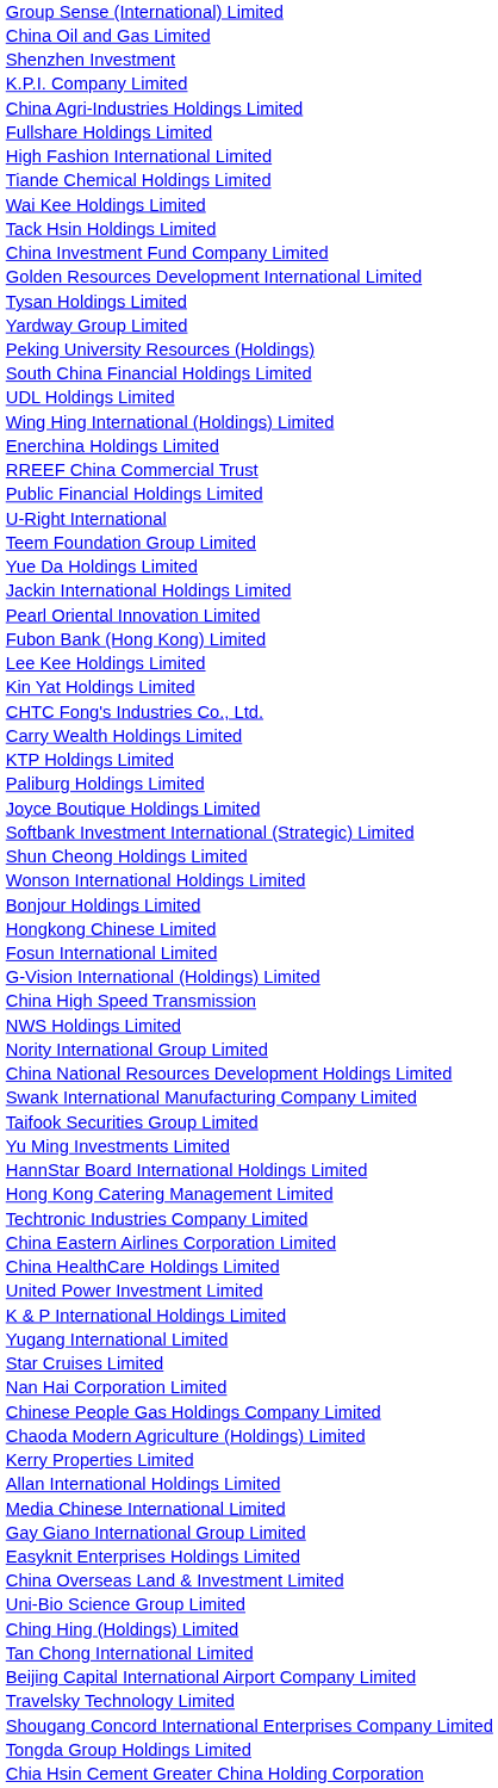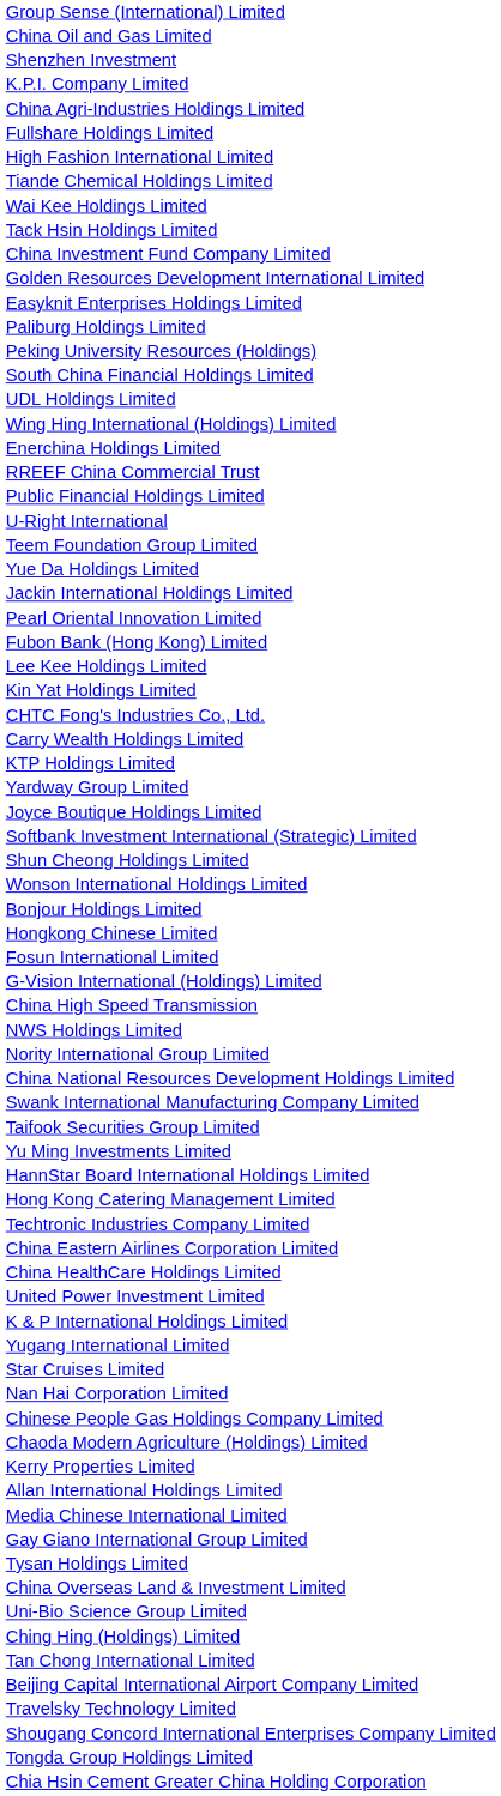 <table>
 <tr>
 <td> <a href='#'>Group Sense (International) Limited</a></td>
 </tr>
 <tr>
 <td> <a href='#'>China Oil and Gas Limited</a></td>
 </tr>
 <tr>
 <td> <a href='#'>Shenzhen Investment</a></td>
 </tr>
 <tr>
 <td> <a href='#'>K.P.I. Company Limited</a></td>
 </tr>
 <tr>
 <td> <a href='#'>China Agri-Industries Holdings Limited</a></td>
 </tr>
 <tr>
 <td> <a href='#'>Fullshare Holdings Limited</a></td>
 </tr>
 <tr>
 <td> <a href='#'>High Fashion International Limited</a></td>
 </tr>
 <tr>
 <td> <a href='#'>Tiande Chemical Holdings Limited</a></td>
 </tr>
 <tr>
 <td> <a href='#'>Wai Kee Holdings Limited</a></td>
 </tr>
 <tr>
 <td> <a href='#'>Tack Hsin Holdings Limited</a></td>
 </tr>
 <tr>
 <td> <a href='#'>China Investment Fund Company Limited</a></td>
 </tr>
 <tr>
 <td> <a href='#'>Golden Resources Development International Limited</a></td>
 </tr>
 <tr>
-<td> <a href='#'>Tysan Holdings Limited</a></td>
+<td> <a href='#'>Easyknit Enterprises Holdings Limited</a></td>
 </tr>
 <tr>
-<td> <a href='#'>Yardway Group Limited</a></td>
+<td> <a href='#'>Paliburg Holdings Limited</a></td>
 </tr>
 <tr>
 <td> <a href='#'>Peking University Resources (Holdings)</a></td>
 </tr>
 <tr>
 <td> <a href='#'>South China Financial Holdings Limited</a></td>
 </tr>
 <tr>
 <td> <a href='#'>UDL Holdings Limited</a></td>
 </tr>
 <tr>
 <td> <a href='#'>Wing Hing International (Holdings) Limited</a></td>
 </tr>
 <tr>
 <td> <a href='#'>Enerchina Holdings Limited</a></td>
 </tr>
 <tr>
 <td> <a href='#'>RREEF China Commercial Trust</a></td>
 </tr>
 <tr>
 <td> <a href='#'>Public Financial Holdings Limited</a></td>
 </tr>
 <tr>
 <td> <a href='#'>U-Right International</a></td>
 </tr>
 <tr>
 <td> <a href='#'>Teem Foundation Group Limited</a></td>
 </tr>
 <tr>
 <td> <a href='#'>Yue Da Holdings Limited</a></td>
 </tr>
 <tr>
 <td> <a href='#'>Jackin International Holdings Limited</a></td>
 </tr>
 <tr>
 <td> <a href='#'>Pearl Oriental Innovation Limited</a></td>
 </tr>
 <tr>
 <td> <a href='#'>Fubon Bank (Hong Kong) Limited</a></td>
 </tr>
 <tr>
 <td> <a href='#'>Lee Kee Holdings Limited</a></td>
 </tr>
 <tr>
 <td> <a href='#'>Kin Yat Holdings Limited</a></td>
 </tr>
 <tr>
 <td> <a href='#'>CHTC Fong's Industries Co., Ltd.</a></td>
 </tr>
 <tr>
 <td> <a href='#'>Carry Wealth Holdings Limited</a></td>
 </tr>
 <tr>
 <td> <a href='#'>KTP Holdings Limited</a></td>
 </tr>
 <tr>
-<td> <a href='#'>Paliburg Holdings Limited</a></td>
+<td> <a href='#'>Yardway Group Limited</a></td>
 </tr>
 <tr>
 <td> <a href='#'>Joyce Boutique Holdings Limited</a></td>
 </tr>
 <tr>
 <td> <a href='#'>Softbank Investment International (Strategic) Limited</a></td>
 </tr>
 <tr>
 <td> <a href='#'>Shun Cheong Holdings Limited</a></td>
 </tr>
 <tr>
 <td> <a href='#'>Wonson International Holdings Limited</a></td>
 </tr>
 <tr>
 <td> <a href='#'>Bonjour Holdings Limited</a></td>
 </tr>
 <tr>
 <td> <a href='#'>Hongkong Chinese Limited</a></td>
 </tr>
 <tr>
 <td> <a href='#'>Fosun International Limited</a></td>
 </tr>
 <tr>
 <td> <a href='#'>G-Vision International (Holdings) Limited</a></td>
 </tr>
 <tr>
 <td> <a href='#'>China High Speed Transmission</a></td>
 </tr>
 <tr>
 <td> <a href='#'>NWS Holdings Limited</a></td>
 </tr>
 <tr>
 <td> <a href='#'>Nority International Group Limited</a></td>
 </tr>
 <tr>
 <td> <a href='#'>China National Resources Development Holdings Limited</a></td>
 </tr>
 <tr>
 <td> <a href='#'>Swank International Manufacturing Company Limited</a></td>
 </tr>
 <tr>
 <td> <a href='#'>Taifook Securities Group Limited</a></td>
 </tr>
 <tr>
 <td> <a href='#'>Yu Ming Investments Limited</a></td>
 </tr>
 <tr>
 <td> <a href='#'>HannStar Board International Holdings Limited</a></td>
 </tr>
 <tr>
 <td> <a href='#'>Hong Kong Catering Management Limited</a></td>
 </tr>
 <tr>
 <td> <a href='#'>Techtronic Industries Company Limited</a></td>
 </tr>
 <tr>
 <td> <a href='#'>China Eastern Airlines Corporation Limited</a></td>
 </tr>
 <tr>
 <td> <a href='#'>China HealthCare Holdings Limited</a></td>
 </tr>
 <tr>
 <td> <a href='#'>United Power Investment Limited</a></td>
 </tr>
 <tr>
 <td> <a href='#'>K & P International Holdings Limited</a></td>
 </tr>
 <tr>
 <td> <a href='#'>Yugang International Limited</a></td>
 </tr>
 <tr>
 <td> <a href='#'>Star Cruises Limited</a></td>
 </tr>
 <tr>
 <td> <a href='#'>Nan Hai Corporation Limited</a></td>
 </tr>
 <tr>
 <td> <a href='#'>Chinese People Gas Holdings Company Limited</a></td>
 </tr>
 <tr>
 <td> <a href='#'>Chaoda Modern Agriculture (Holdings) Limited</a></td>
 </tr>
 <tr>
 <td> <a href='#'>Kerry Properties Limited</a></td>
 </tr>
 <tr>
 <td> <a href='#'>Allan International Holdings Limited</a></td>
 </tr>
 <tr>
 <td> <a href='#'>Media Chinese International Limited</a></td>
 </tr>
 <tr>
 <td> <a href='#'>Gay Giano International Group Limited</a></td>
 </tr>
 <tr>
-<td> <a href='#'>Easyknit Enterprises Holdings Limited</a></td>
+<td> <a href='#'>Tysan Holdings Limited</a></td>
 </tr>
 <tr>
 <td> <a href='#'>China Overseas Land & Investment Limited</a></td>
 </tr>
 <tr>
 <td> <a href='#'>Uni-Bio Science Group Limited</a></td>
 </tr>
 <tr>
 <td> <a href='#'>Ching Hing (Holdings) Limited</a></td>
 </tr>
 <tr>
 <td> <a href='#'>Tan Chong International Limited</a></td>
 </tr>
 <tr>
 <td> <a href='#'>Beijing Capital International Airport Company Limited</a></td>
 </tr>
 <tr>
 <td> <a href='#'>Travelsky Technology Limited</a></td>
 </tr>
 <tr>
 <td> <a href='#'>Shougang Concord International Enterprises Company Limited</a></td>
 </tr>
 <tr>
 <td> <a href='#'>Tongda Group Holdings Limited</a></td>
 </tr>
 <tr>
 <td> <a href='#'>Chia Hsin Cement Greater China Holding Corporation</a></td>
 </tr>
 </table>
